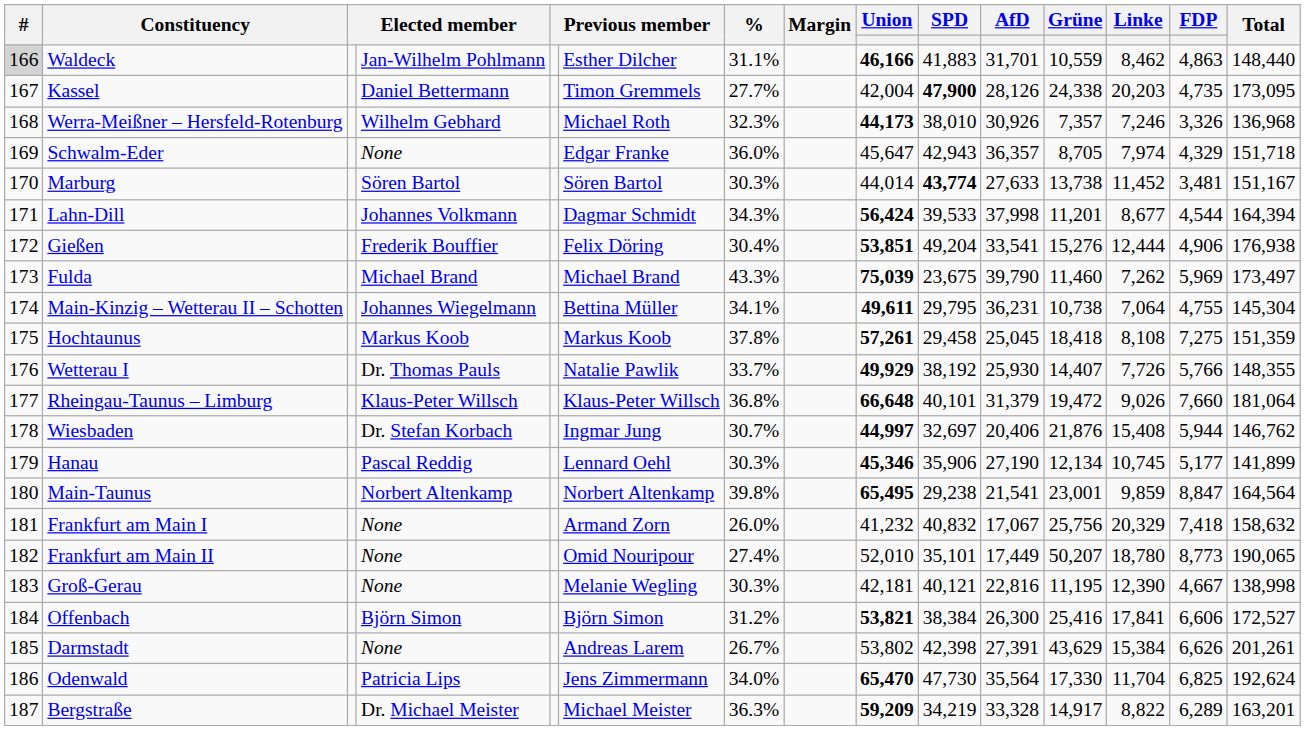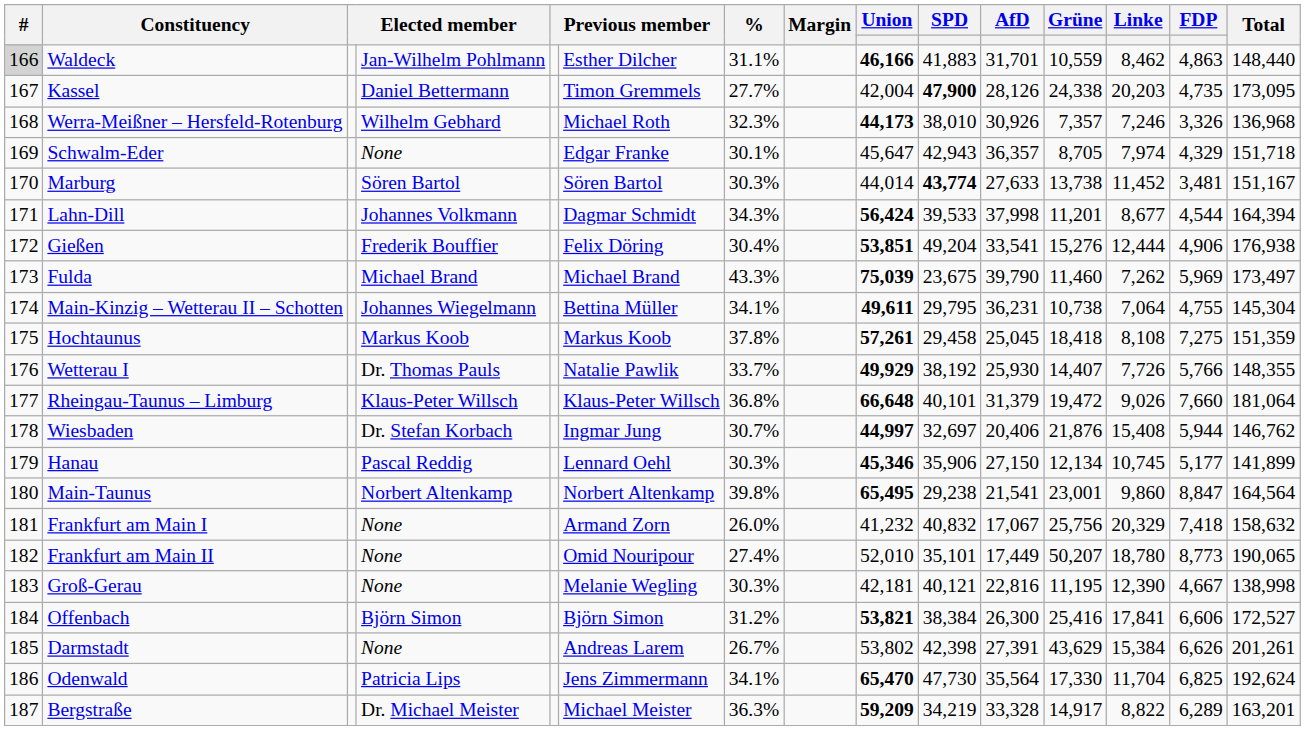 <table class="wikitable sortable" style="text-align:right">
 <tr>
 <th rowspan="2">#</th>
 <th rowspan="2">Constituency</th>
 <th rowspan="2" colspan="2">Elected member</th>
 <th rowspan="2" colspan="2">Previous member</th>
 <th rowspan="2">%</th>
 <th rowspan="2">Margin</th>
 <th class="wikitable sortable" style="width:40px;"><a href='#'>Union</a></th>
 <th class="wikitable sortable" style="width:40px;"><a href='#'>SPD</a></th>
 <th class="wikitable sortable" style="width:40px;"><a href='#'>AfD</a></th>
 <th class="wikitable sortable" style="width:40px;"><a href='#'>Grüne</a></th>
 <th class="wikitable sortable" style="width:40px;"><a href='#'>Linke</a></th>
 <th class="wikitable sortable" style="width:40px;"><a href='#'>FDP</a></th>
 <th class="wikitable sortable" style="width:40px;" rowspan="2">Total</th>
 </tr>
 <tr>
 <th class="wikitable sortable" style="background:"></th>
 <th class="wikitable sortable" style="background:"></th>
 <th class="wikitable sortable" style="background:"></th>
 <th class="wikitable sortable" style="background:"></th>
 <th class="wikitable sortable" style="background:"></th>
 <th class="wikitable sortable" style="background:"></th>
 </tr>
 <tr>
 <td style="background: lightgrey;">166</td>
 <td align=left><a href='#'>Waldeck</a></td>
 <td bgcolor=></td>
 <td align=left><a href='#'>Jan-Wilhelm Pohlmann</a></td>
 <td bgcolor=></td>
 <td align=left><a href='#'>Esther Dilcher</a></td>
 <td>31.1%</td>
 <td></td>
 <td><strong>46,166</strong></td>
 <td>41,883</td>
 <td>31,701</td>
 <td>10,559</td>
 <td>8,462</td>
 <td>4,863</td>
 <td>148,440</td>
 </tr>
 <tr>
 <td>167</td>
 <td align=left><a href='#'>Kassel</a></td>
 <td bgcolor=></td>
 <td align=left><a href='#'>Daniel Bettermann</a></td>
 <td bgcolor=></td>
 <td align=left><a href='#'>Timon Gremmels</a></td>
 <td>27.7%</td>
 <td></td>
 <td>42,004</td>
 <td><strong>47,900</strong></td>
 <td>28,126</td>
 <td>24,338</td>
 <td>20,203</td>
 <td>4,735</td>
 <td>173,095</td>
 </tr>
 <tr>
 <td>168</td>
 <td align=left><a href='#'>Werra-Meißner – Hersfeld-Rotenburg</a></td>
 <td bgcolor=></td>
 <td align=left><a href='#'>Wilhelm Gebhard</a></td>
 <td bgcolor=></td>
 <td align=left><a href='#'>Michael Roth</a></td>
 <td>32.3%</td>
 <td></td>
 <td><strong>44,173</strong></td>
 <td>38,010</td>
 <td>30,926</td>
 <td>7,357</td>
 <td>7,246</td>
 <td>3,326</td>
 <td>136,968</td>
 </tr>
 <tr>
 <td>169</td>
 <td align=left><a href='#'>Schwalm-Eder</a></td>
 <td bgcolor=></td>
 <td align=left><em>None</em></td>
 <td bgcolor=></td>
 <td align=left><a href='#'>Edgar Franke</a></td>
-<td>36.0%</td>
+<td>30.1%</td>
 <td></td>
 <td>45,647</td>
 <td>42,943</td>
 <td>36,357</td>
 <td>8,705</td>
 <td>7,974</td>
 <td>4,329</td>
 <td>151,718</td>
 </tr>
 <tr>
 <td>170</td>
 <td align=left><a href='#'>Marburg</a></td>
 <td bgcolor=></td>
 <td align=left><a href='#'>Sören Bartol</a></td>
 <td bgcolor=></td>
 <td align=left><a href='#'>Sören Bartol</a></td>
 <td>30.3%</td>
 <td></td>
 <td>44,014</td>
 <td><strong>43,774</strong></td>
 <td>27,633</td>
 <td>13,738</td>
 <td>11,452</td>
 <td>3,481</td>
 <td>151,167</td>
 </tr>
 <tr>
 <td>171</td>
 <td align=left><a href='#'>Lahn-Dill</a></td>
 <td bgcolor=></td>
 <td align=left><a href='#'>Johannes Volkmann</a></td>
 <td bgcolor=></td>
 <td align=left><a href='#'>Dagmar Schmidt</a></td>
 <td>34.3%</td>
 <td></td>
 <td><strong>56,424</strong></td>
 <td>39,533</td>
 <td>37,998</td>
 <td>11,201</td>
 <td>8,677</td>
 <td>4,544</td>
 <td>164,394</td>
 </tr>
 <tr>
 <td>172</td>
 <td align=left><a href='#'>Gießen</a></td>
 <td bgcolor=></td>
 <td align=left><a href='#'>Frederik Bouffier</a></td>
 <td bgcolor=></td>
 <td align=left><a href='#'>Felix Döring</a></td>
 <td>30.4%</td>
 <td></td>
 <td><strong>53,851</strong></td>
 <td>49,204</td>
 <td>33,541</td>
 <td>15,276</td>
 <td>12,444</td>
 <td>4,906</td>
 <td>176,938</td>
 </tr>
 <tr>
 <td>173</td>
 <td align=left><a href='#'>Fulda</a></td>
 <td bgcolor=></td>
 <td align=left><a href='#'>Michael Brand</a></td>
 <td bgcolor=></td>
 <td align=left><a href='#'>Michael Brand</a></td>
 <td>43.3%</td>
 <td></td>
 <td><strong>75,039</strong></td>
 <td>23,675</td>
 <td>39,790</td>
 <td>11,460</td>
 <td>7,262</td>
 <td>5,969</td>
 <td>173,497</td>
 </tr>
 <tr>
 <td>174</td>
 <td align=left><a href='#'>Main-Kinzig – Wetterau II – Schotten</a></td>
 <td bgcolor=></td>
 <td align=left><a href='#'>Johannes Wiegelmann</a></td>
 <td bgcolor=></td>
 <td align=left><a href='#'>Bettina Müller</a></td>
 <td>34.1%</td>
 <td></td>
 <td><strong>49,611</strong></td>
 <td>29,795</td>
 <td>36,231</td>
 <td>10,738</td>
 <td>7,064</td>
 <td>4,755</td>
 <td>145,304</td>
 </tr>
 <tr>
 <td>175</td>
 <td align=left><a href='#'>Hochtaunus</a></td>
 <td bgcolor=></td>
 <td align=left><a href='#'>Markus Koob</a></td>
 <td bgcolor=></td>
 <td align=left><a href='#'>Markus Koob</a></td>
 <td>37.8%</td>
 <td></td>
 <td><strong>57,261</strong></td>
 <td>29,458</td>
 <td>25,045</td>
 <td>18,418</td>
 <td>8,108</td>
 <td>7,275</td>
 <td>151,359</td>
 </tr>
 <tr>
 <td>176</td>
 <td align=left><a href='#'>Wetterau I</a></td>
 <td bgcolor=></td>
 <td align=left>Dr. <a href='#'>Thomas Pauls</a></td>
 <td bgcolor=></td>
 <td align=left><a href='#'>Natalie Pawlik</a></td>
 <td>33.7%</td>
 <td></td>
 <td><strong>49,929</strong></td>
 <td>38,192</td>
 <td>25,930</td>
 <td>14,407</td>
 <td>7,726</td>
 <td>5,766</td>
 <td>148,355</td>
 </tr>
 <tr>
 <td>177</td>
 <td align=left><a href='#'>Rheingau-Taunus – Limburg</a></td>
 <td bgcolor=></td>
 <td align=left><a href='#'>Klaus-Peter Willsch</a></td>
 <td bgcolor=></td>
 <td align=left><a href='#'>Klaus-Peter Willsch</a></td>
 <td>36.8%</td>
 <td></td>
 <td><strong>66,648</strong></td>
 <td>40,101</td>
 <td>31,379</td>
 <td>19,472</td>
 <td>9,026</td>
 <td>7,660</td>
 <td>181,064</td>
 </tr>
 <tr>
 <td>178</td>
 <td align=left><a href='#'>Wiesbaden</a></td>
 <td bgcolor=></td>
 <td align=left>Dr. <a href='#'>Stefan Korbach</a></td>
 <td bgcolor=></td>
 <td align=left><a href='#'>Ingmar Jung</a></td>
 <td>30.7%</td>
 <td></td>
 <td><strong>44,997</strong></td>
 <td>32,697</td>
 <td>20,406</td>
 <td>21,876</td>
 <td>15,408</td>
 <td>5,944</td>
 <td>146,762</td>
 </tr>
 <tr>
 <td>179</td>
 <td align=left><a href='#'>Hanau</a></td>
 <td bgcolor=></td>
 <td align=left><a href='#'>Pascal Reddig</a></td>
 <td bgcolor=></td>
 <td align=left><a href='#'>Lennard Oehl</a></td>
 <td>30.3%</td>
 <td></td>
 <td><strong>45,346</strong></td>
 <td>35,906</td>
-<td>27,190</td>
+<td>27,150</td>
 <td>12,134</td>
 <td>10,745</td>
 <td>5,177</td>
 <td>141,899</td>
 </tr>
 <tr>
 <td>180</td>
 <td align=left><a href='#'>Main-Taunus</a></td>
 <td bgcolor=></td>
 <td align=left><a href='#'>Norbert Altenkamp</a></td>
 <td bgcolor=></td>
 <td align=left><a href='#'>Norbert Altenkamp</a></td>
 <td>39.8%</td>
 <td></td>
 <td><strong>65,495</strong></td>
 <td>29,238</td>
 <td>21,541</td>
 <td>23,001</td>
-<td>9,859</td>
+<td>9,860</td>
 <td>8,847</td>
 <td>164,564</td>
 </tr>
 <tr>
 <td>181</td>
 <td align=left><a href='#'>Frankfurt am Main I</a></td>
 <td bgcolor=></td>
 <td align=left><em>None</em></td>
 <td bgcolor=></td>
 <td align=left><a href='#'>Armand Zorn</a></td>
 <td>26.0%</td>
 <td></td>
 <td>41,232</td>
 <td>40,832</td>
 <td>17,067</td>
 <td>25,756</td>
 <td>20,329</td>
 <td>7,418</td>
 <td>158,632</td>
 </tr>
 <tr>
 <td>182</td>
 <td align=left><a href='#'>Frankfurt am Main II</a></td>
 <td bgcolor=></td>
 <td align=left><em>None</em></td>
 <td bgcolor=></td>
 <td align=left><a href='#'>Omid Nouripour</a></td>
 <td>27.4%</td>
 <td></td>
 <td>52,010</td>
 <td>35,101</td>
 <td>17,449</td>
 <td>50,207</td>
 <td>18,780</td>
 <td>8,773</td>
 <td>190,065</td>
 </tr>
 <tr>
 <td>183</td>
 <td align=left><a href='#'>Groß-Gerau</a></td>
 <td bgcolor=></td>
 <td align=left><em>None</em></td>
 <td bgcolor=></td>
 <td align=left><a href='#'>Melanie Wegling</a></td>
 <td>30.3%</td>
 <td></td>
 <td>42,181</td>
 <td>40,121</td>
 <td>22,816</td>
 <td>11,195</td>
 <td>12,390</td>
 <td>4,667</td>
 <td>138,998</td>
 </tr>
 <tr>
 <td>184</td>
 <td align=left><a href='#'>Offenbach</a></td>
 <td bgcolor=></td>
 <td align=left><a href='#'>Björn Simon</a></td>
 <td bgcolor=></td>
 <td align=left><a href='#'>Björn Simon</a></td>
 <td>31.2%</td>
 <td></td>
 <td><strong>53,821</strong></td>
 <td>38,384</td>
 <td>26,300</td>
 <td>25,416</td>
 <td>17,841</td>
 <td>6,606</td>
 <td>172,527</td>
 </tr>
 <tr>
 <td>185</td>
 <td align=left><a href='#'>Darmstadt</a></td>
 <td bgcolor=></td>
 <td align=left><em>None</em></td>
 <td bgcolor=></td>
 <td align=left><a href='#'>Andreas Larem</a></td>
 <td>26.7%</td>
 <td></td>
 <td>53,802</td>
 <td>42,398</td>
 <td>27,391</td>
 <td>43,629</td>
 <td>15,384</td>
 <td>6,626</td>
 <td>201,261</td>
 </tr>
 <tr>
 <td>186</td>
 <td align=left><a href='#'>Odenwald</a></td>
 <td bgcolor=></td>
 <td align=left><a href='#'>Patricia Lips</a></td>
 <td bgcolor=></td>
 <td align=left><a href='#'>Jens Zimmermann</a></td>
-<td>34.0%</td>
+<td>34.1%</td>
 <td></td>
 <td><strong>65,470</strong></td>
 <td>47,730</td>
 <td>35,564</td>
 <td>17,330</td>
 <td>11,704</td>
 <td>6,825</td>
 <td>192,624</td>
 </tr>
 <tr>
 <td>187</td>
 <td align=left><a href='#'>Bergstraße</a></td>
 <td bgcolor=></td>
 <td align=left>Dr. <a href='#'>Michael Meister</a></td>
 <td bgcolor=></td>
 <td align=left><a href='#'>Michael Meister</a></td>
 <td>36.3%</td>
 <td></td>
 <td><strong>59,209</strong></td>
 <td>34,219</td>
 <td>33,328</td>
 <td>14,917</td>
 <td>8,822</td>
 <td>6,289</td>
 <td>163,201</td>
 </tr>
 </table>
